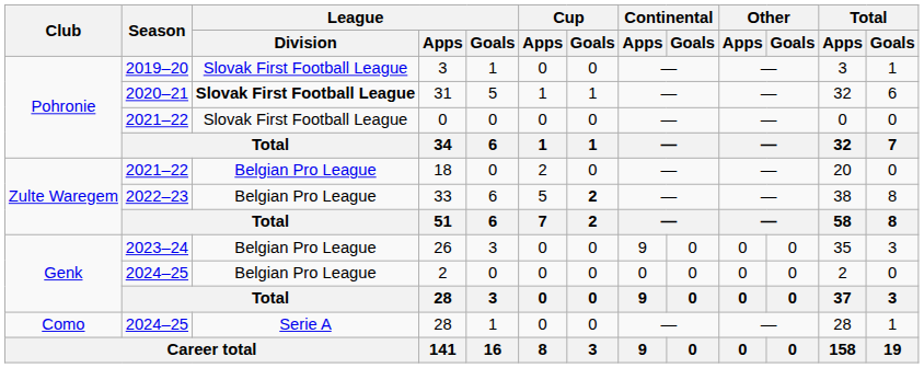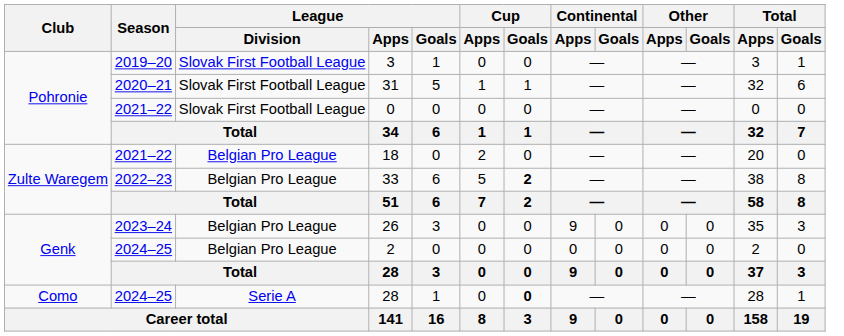 <table class=wikitable style=text-align:center>
 <tr>
 <th rowspan="2">Club</th>
 <th rowspan="2">Season</th>
 <th colspan="3">League</th>
 <th colspan="2">Cup</th>
 <th colspan="2">Continental</th>
 <th colspan="2">Other</th>
 <th colspan="2">Total</th>
 </tr>
 <tr>
 <th>Division</th>
 <th>Apps</th>
 <th>Goals</th>
 <th>Apps</th>
 <th>Goals</th>
 <th>Apps</th>
 <th>Goals</th>
 <th>Apps</th>
 <th>Goals</th>
 <th>Apps</th>
 <th>Goals</th>
 </tr>
 <tr>
 <td rowspan="4"><a href='#'>Pohronie</a></td>
 <td><a href='#'>2019–20</a></td>
 <td><a href='#'>Slovak First Football League</a></td>
 <td>3</td>
 <td>1</td>
 <td>0</td>
 <td>0</td>
 <td colspan="2">—</td>
 <td colspan="2">—</td>
 <td>3</td>
 <td>1</td>
 </tr>
 <tr>
 <td><a href='#'>2020–21</a></td>
-<td><strong>Slovak First Football League</strong></td>
+<td>Slovak First Football League</td>
 <td>31</td>
 <td>5</td>
 <td>1</td>
 <td>1</td>
 <td colspan="2">—</td>
 <td colspan="2">—</td>
 <td>32</td>
 <td>6</td>
 </tr>
 <tr>
 <td><a href='#'>2021–22</a></td>
 <td>Slovak First Football League</td>
 <td>0</td>
 <td>0</td>
 <td>0</td>
 <td>0</td>
 <td colspan="2">—</td>
 <td colspan="2">—</td>
 <td>0</td>
 <td>0</td>
 </tr>
 <tr>
 <th colspan="2">Total</th>
 <th>34</th>
 <th>6</th>
 <th>1</th>
 <th>1</th>
 <th colspan="2">—</th>
 <th colspan="2">—</th>
 <th>32</th>
 <th>7</th>
 </tr>
 <tr>
 <td rowspan="3"><a href='#'>Zulte Waregem</a></td>
 <td><a href='#'>2021–22</a></td>
 <td><a href='#'>Belgian Pro League</a></td>
 <td>18</td>
 <td>0</td>
 <td>2</td>
 <td>0</td>
 <td colspan="2">—</td>
 <td colspan="2">—</td>
 <td>20</td>
 <td>0</td>
 </tr>
 <tr>
 <td><a href='#'>2022–23</a></td>
 <td>Belgian Pro League</td>
 <td>33</td>
 <td>6</td>
 <td>5</td>
 <td><strong>2</strong></td>
 <td colspan="2">—</td>
 <td colspan="2">—</td>
 <td>38</td>
 <td>8</td>
 </tr>
 <tr>
 <th colspan="2">Total</th>
 <th>51</th>
 <th>6</th>
 <th>7</th>
 <th>2</th>
 <th colspan="2">—</th>
 <th colspan="2">—</th>
 <th>58</th>
 <th>8</th>
 </tr>
 <tr>
 <td rowspan="3"><a href='#'>Genk</a></td>
 <td><a href='#'>2023–24</a></td>
 <td>Belgian Pro League</td>
 <td>26</td>
 <td>3</td>
 <td>0</td>
 <td>0</td>
 <td>9</td>
 <td>0</td>
 <td>0</td>
 <td>0</td>
 <td>35</td>
 <td>3</td>
 </tr>
 <tr>
 <td><a href='#'>2024–25</a></td>
 <td>Belgian Pro League</td>
 <td>2</td>
 <td>0</td>
 <td>0</td>
 <td>0</td>
 <td>0</td>
 <td>0</td>
 <td>0</td>
 <td>0</td>
 <td>2</td>
 <td>0</td>
 </tr>
 <tr>
 <th colspan="2">Total</th>
 <th>28</th>
 <th>3</th>
 <th>0</th>
 <th>0</th>
 <th>9</th>
 <th>0</th>
 <th>0</th>
 <th>0</th>
 <th>37</th>
 <th>3</th>
 </tr>
 <tr>
 <td><a href='#'>Como</a></td>
 <td><a href='#'>2024–25</a></td>
 <td><a href='#'>Serie A</a></td>
 <td>28</td>
 <td>1</td>
 <td>0</td>
-<td>0</td>
+<td><strong>0</strong></td>
 <td colspan="2">—</td>
 <td colspan="2">—</td>
 <td>28</td>
 <td>1</td>
 </tr>
 <tr>
 <th colspan="3">Career total</th>
 <th>141</th>
 <th>16</th>
 <th>8</th>
 <th>3</th>
 <th>9</th>
 <th>0</th>
 <th>0</th>
 <th>0</th>
 <th>158</th>
 <th>19</th>
 </tr>
 </table>
